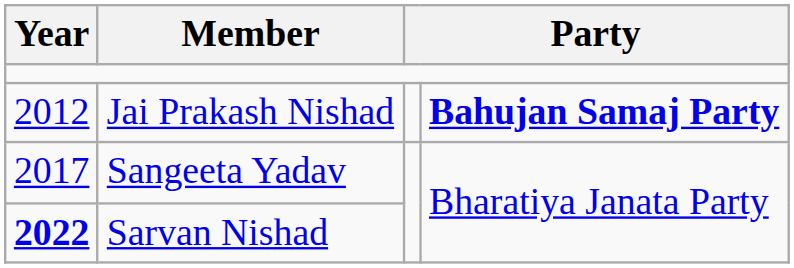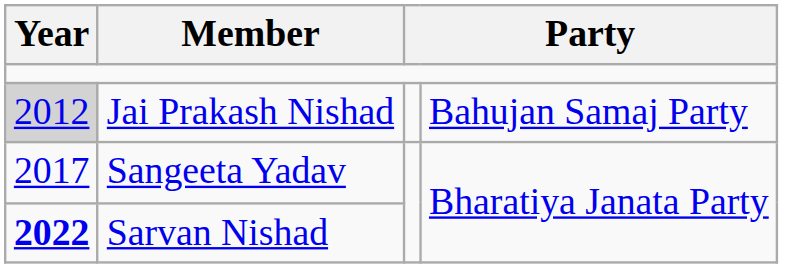 <table class="wikitable">
 <tr>
 <th>Year</th>
 <th>Member</th>
 <th colspan="2">Party</th>
 </tr>
 <tr>
 <td colspan="4"></td>
 </tr>
 <tr>
-<td><a href='#'>2012</a></td>
+<td style="background: lightgrey;"><a href='#'>2012</a></td>
 <td><a href='#'>Jai Prakash Nishad</a></td>
 <td style="background-color: "></td>
-<td><strong><a href='#'>Bahujan Samaj Party</a></strong></td>
+<td><a href='#'>Bahujan Samaj Party</a></td>
 </tr>
 <tr>
 <td><a href='#'>2017</a></td>
 <td><a href='#'>Sangeeta Yadav</a></td>
 <td rowspan="2" style="background-color: "></td>
 <td rowspan="2"><a href='#'>Bharatiya Janata Party</a></td>
 </tr>
 <tr>
 <td><strong><a href='#'>2022</a></strong></td>
 <td><a href='#'>Sarvan Nishad</a></td>
 </tr>
 </table>
